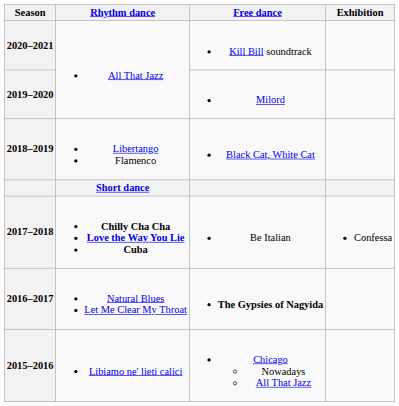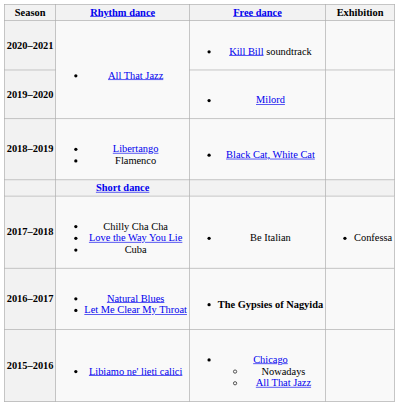 <table class=wikitable style=text-align:center>
 <tr>
 <th>Season</th>
 <th><a href='#'>Rhythm dance</a></th>
 <th><a href='#'>Free dance</a></th>
 <th>Exhibition</th>
 </tr>
 <tr>
 <th>2020–2021</th>
 <td rowspan=2><br><ul><li> <a href='#'>All That Jazz</a> <br></li></ul></td>
 <td><br><ul><li><a href='#'>Kill Bill</a> soundtrack</li></ul></td>
 <td></td>
 </tr>
 <tr>
 <th>2019–2020 <br> </th>
 <td><br><ul><li><a href='#'>Milord</a> <br></li></ul></td>
 <td></td>
 </tr>
 <tr>
 <th>2018–2019 <br> </th>
 <td><br><ul><li> <a href='#'>Libertango</a> <br></li><li> Flamenco <br></li></ul></td>
 <td><br><ul><li><a href='#'>Black Cat, White Cat</a> <br></li></ul></td>
 <td></td>
 </tr>
 <tr>
 <th></th>
 <th><a href='#'>Short dance</a></th>
 <th></th>
 <th></th>
 </tr>
 <tr>
 <th>2017–2018 <br> </th>
-<td><strong><br><ul><li> Chilly Cha Cha</li><li> <a href='#'>Love the Way You Lie</a></li><li> Cuba</li></ul></strong></td>
+<td><br><ul><li> Chilly Cha Cha</li><li> <a href='#'>Love the Way You Lie</a></li><li> Cuba</li></ul></td>
 <td><br><ul><li>Be Italian <br></li></ul></td>
 <td><br><ul><li>Confessa <br></li></ul></td>
 </tr>
 <tr>
 <th>2016–2017 <br> </th>
 <td><br><ul><li> <a href='#'>Natural Blues</a> <br></li><li> <a href='#'>Let Me Clear My Throat</a> <br></li></ul></td>
 <td><strong><br><ul><li>The Gypsies of Nagyida <br></li></ul></strong></td>
 <td></td>
 </tr>
 <tr>
 <th>2015–2016</th>
 <td><br><ul><li> <a href='#'>Libiamo ne' lieti calici</a> <br> </li></ul></td>
 <td><br><ul><li><a href='#'>Chicago</a> <br><ul><li>Nowadays</li><li><a href='#'>All That Jazz</a></li></ul></li></ul></td>
 <td></td>
 </tr>
 </table>
